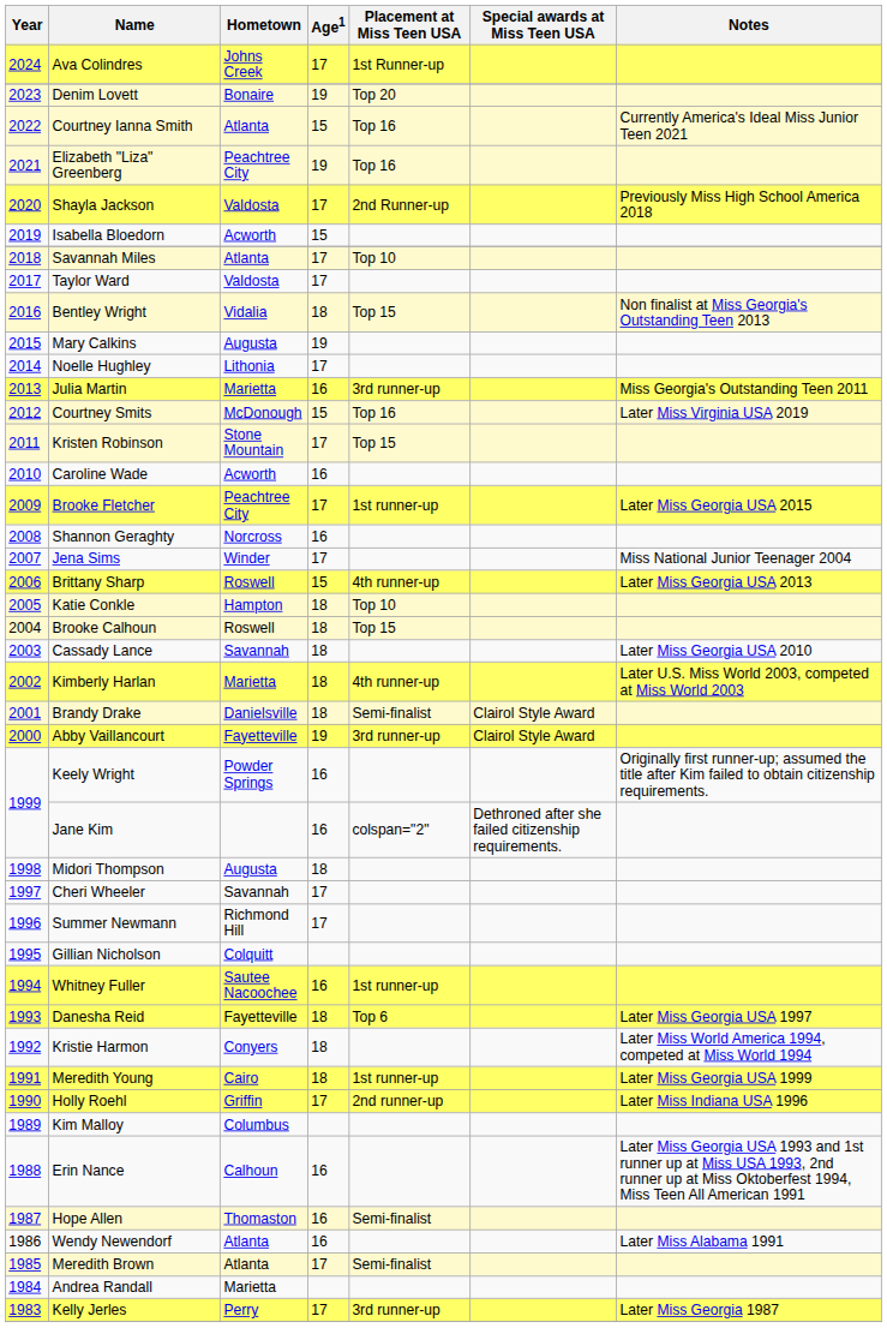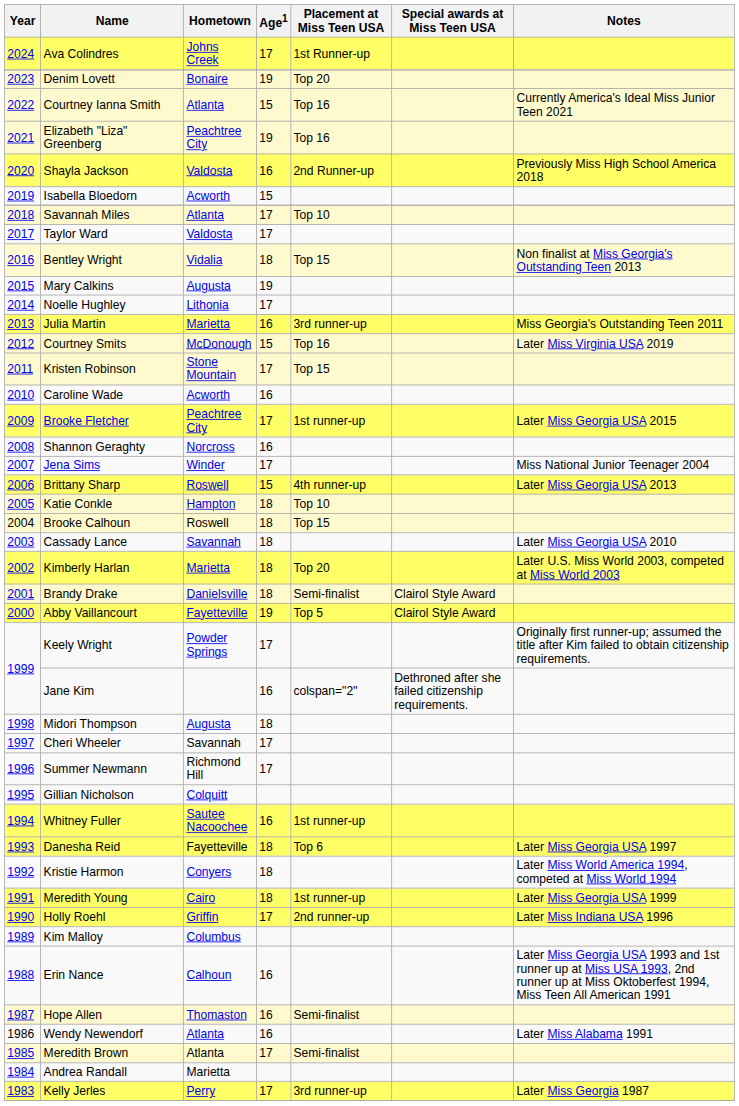 <table class="wikitable"style="font-size:90%;">
 <tr bgcolor="#efefef">
 <th width=5%>Year</th>
 <th width=20%>Name</th>
 <th width=10%>Hometown</th>
 <th width=3%>Age<sup>1</sup></th>
 <th width=14%>Placement at Miss Teen USA</th>
 <th width=17%>Special awards at Miss Teen  USA</th>
 <th width=31%>Notes</th>
 </tr>
 <tr style="background-color:#FFFF66;">
 <td><a href='#'>2024</a></td>
 <td>Ava Colindres</td>
 <td><a href='#'> Johns Creek</a></td>
 <td>17</td>
 <td>1st Runner-up</td>
 <td></td>
 <td></td>
 </tr>
 <tr>
 </tr>
 <tr style="background-color:#FFFACD;”">
 <td><a href='#'>2023</a></td>
 <td>Denim Lovett</td>
 <td><a href='#'>Bonaire</a></td>
 <td>19</td>
 <td>Top 20</td>
 <td></td>
 <td></td>
 </tr>
 <tr style="background-color:#FFFACD;”">
 <td><a href='#'>2022</a></td>
 <td>Courtney Ianna Smith</td>
 <td><a href='#'>Atlanta</a></td>
 <td>15</td>
 <td>Top 16</td>
 <td></td>
 <td>Currently America's Ideal Miss Junior Teen 2021</td>
 </tr>
 <tr style="background-color:#FFFACD">
 <td><a href='#'>2021</a></td>
 <td>Elizabeth "Liza" Greenberg</td>
 <td><a href='#'>Peachtree City</a></td>
 <td>19</td>
 <td>Top 16</td>
 <td></td>
 <td></td>
 </tr>
 <tr style="background-color:#FFFF66;">
 <td><a href='#'>2020</a></td>
 <td>Shayla Jackson</td>
 <td><a href='#'>Valdosta</a></td>
-<td>17</td>
+<td>16</td>
 <td>2nd Runner-up</td>
 <td></td>
 <td>Previously Miss High School America 2018</td>
 </tr>
 <tr>
 <td><a href='#'>2019</a></td>
 <td>Isabella Bloedorn</td>
 <td><a href='#'>Acworth</a></td>
 <td>15</td>
 <td></td>
 <td></td>
 <td></td>
 </tr>
 <tr>
 </tr>
 <tr style="background-color:#FFFACD;”">
 <td><a href='#'>2018</a></td>
 <td>Savannah Miles</td>
 <td><a href='#'>Atlanta</a></td>
 <td>17</td>
 <td>Top 10</td>
 <td></td>
 <td></td>
 </tr>
 <tr>
 <td><a href='#'>2017</a></td>
 <td>Taylor Ward</td>
 <td><a href='#'>Valdosta</a></td>
 <td>17</td>
 <td></td>
 <td></td>
 <td></td>
 </tr>
 <tr style="background-color:#FFFACD;">
 <td><a href='#'>2016</a></td>
 <td>Bentley Wright</td>
 <td><a href='#'>Vidalia</a></td>
 <td>18</td>
 <td>Top 15</td>
 <td></td>
 <td>Non finalist at <a href='#'>Miss Georgia's Outstanding Teen</a> 2013</td>
 </tr>
 <tr>
 <td><a href='#'>2015</a></td>
 <td>Mary Calkins</td>
 <td><a href='#'>Augusta</a></td>
 <td>19</td>
 <td></td>
 <td></td>
 <td></td>
 </tr>
 <tr>
 <td><a href='#'>2014</a></td>
 <td>Noelle Hughley</td>
 <td><a href='#'>Lithonia</a></td>
 <td>17</td>
 <td></td>
 <td></td>
 <td></td>
 </tr>
 <tr style="background-color:#FFFF66;">
 <td><a href='#'>2013</a></td>
 <td>Julia Martin</td>
 <td><a href='#'>Marietta</a></td>
 <td>16</td>
 <td>3rd runner-up</td>
 <td></td>
 <td>Miss Georgia's Outstanding Teen 2011</td>
 </tr>
 <tr style="background-color:#FFFACD;">
 <td><a href='#'>2012</a></td>
 <td>Courtney Smits</td>
 <td><a href='#'>McDonough</a></td>
 <td>15</td>
 <td>Top 16</td>
 <td></td>
 <td>Later <a href='#'>Miss Virginia USA</a> 2019</td>
 </tr>
 <tr style="background-color:#FFFACD;">
 <td><a href='#'>2011</a></td>
 <td>Kristen Robinson</td>
 <td><a href='#'>Stone Mountain</a></td>
 <td>17</td>
 <td>Top 15</td>
 <td></td>
 <td></td>
 </tr>
 <tr>
 <td><a href='#'>2010</a></td>
 <td>Caroline Wade</td>
 <td><a href='#'>Acworth</a></td>
 <td>16</td>
 <td></td>
 <td></td>
 <td></td>
 </tr>
 <tr style="background-color:#FFFF66;">
 <td><a href='#'>2009</a></td>
 <td><a href='#'>Brooke Fletcher</a></td>
 <td><a href='#'>Peachtree City</a></td>
 <td>17</td>
 <td>1st runner-up</td>
 <td></td>
 <td>Later <a href='#'>Miss Georgia USA</a> 2015</td>
 </tr>
 <tr>
 <td><a href='#'>2008</a></td>
 <td>Shannon Geraghty</td>
 <td><a href='#'>Norcross</a></td>
 <td>16</td>
 <td></td>
 <td></td>
 <td></td>
 </tr>
 <tr>
 <td><a href='#'>2007</a></td>
 <td><a href='#'>Jena Sims</a></td>
 <td><a href='#'>Winder</a></td>
 <td>17</td>
 <td></td>
 <td></td>
 <td>Miss National Junior Teenager 2004</td>
 </tr>
 <tr style="background-color:#FFFF66;">
 <td><a href='#'>2006</a></td>
 <td>Brittany Sharp</td>
 <td><a href='#'>Roswell</a></td>
 <td>15</td>
 <td>4th runner-up</td>
 <td></td>
 <td>Later <a href='#'>Miss Georgia USA</a> 2013</td>
 </tr>
 <tr style="background-color:#FFFACD;">
 <td><a href='#'>2005</a></td>
 <td>Katie Conkle</td>
 <td><a href='#'>Hampton</a></td>
 <td>18</td>
 <td>Top 10</td>
 <td></td>
 <td></td>
 </tr>
 <tr style="background-color:#FFFACD;">
 <td>2004</td>
 <td>Brooke Calhoun</td>
 <td>Roswell</td>
 <td>18</td>
 <td>Top 15</td>
 <td></td>
 <td></td>
 </tr>
 <tr>
 <td><a href='#'>2003</a></td>
 <td>Cassady Lance</td>
 <td><a href='#'>Savannah</a></td>
 <td>18</td>
 <td></td>
 <td></td>
 <td>Later <a href='#'>Miss Georgia USA</a> 2010</td>
 </tr>
 <tr style="background-color:#FFFF66;">
 <td><a href='#'>2002</a></td>
 <td>Kimberly Harlan</td>
 <td><a href='#'>Marietta</a></td>
 <td>18</td>
-<td>4th runner-up</td>
+<td>Top 20</td>
 <td></td>
 <td>Later U.S. Miss World 2003, competed at <a href='#'>Miss World 2003</a></td>
 </tr>
 <tr style="background-color:#FFFACD;">
 <td><a href='#'>2001</a></td>
 <td>Brandy Drake</td>
 <td><a href='#'>Danielsville</a></td>
 <td>18</td>
 <td>Semi-finalist</td>
 <td>Clairol Style Award</td>
 <td></td>
 </tr>
 <tr style="background-color:#FFFF66;">
 <td><a href='#'>2000</a></td>
 <td>Abby Vaillancourt</td>
 <td><a href='#'>Fayetteville</a></td>
 <td>19</td>
-<td>3rd runner-up</td>
+<td>Top 5</td>
 <td>Clairol Style Award</td>
 <td></td>
 </tr>
 <tr>
 <td rowspan=2><a href='#'>1999</a></td>
 <td>Keely Wright</td>
 <td><a href='#'>Powder Springs</a></td>
-<td>16</td>
+<td>17</td>
 <td></td>
 <td></td>
 <td>Originally first runner-up; assumed the title after Kim failed to obtain citizenship requirements.</td>
 </tr>
 <tr>
 <td>Jane Kim</td>
 <td></td>
 <td>16</td>
 <td>colspan="2" </td>
 <td>Dethroned after she failed citizenship requirements.</td>
 </tr>
 <tr>
 <td><a href='#'>1998</a></td>
 <td>Midori Thompson</td>
 <td><a href='#'>Augusta</a></td>
 <td>18</td>
 <td></td>
 <td></td>
 <td></td>
 </tr>
 <tr>
 <td><a href='#'>1997</a></td>
 <td>Cheri Wheeler</td>
 <td>Savannah</td>
 <td>17</td>
 <td></td>
 <td></td>
 <td></td>
 </tr>
 <tr>
 <td><a href='#'>1996</a></td>
 <td>Summer Newmann</td>
 <td>Richmond Hill</td>
 <td>17</td>
 <td></td>
 <td></td>
 <td></td>
 </tr>
 <tr>
 <td><a href='#'>1995</a></td>
 <td>Gillian Nicholson</td>
 <td><a href='#'>Colquitt</a></td>
 <td></td>
 <td></td>
 <td></td>
 <td></td>
 </tr>
 <tr style="background-color:#FFFF66;">
 <td><a href='#'>1994</a></td>
 <td>Whitney Fuller</td>
 <td><a href='#'>Sautee Nacoochee</a></td>
 <td>16</td>
 <td>1st runner-up</td>
 <td></td>
 <td></td>
 </tr>
 <tr style="background-color:#FFFF66;">
 <td><a href='#'>1993</a></td>
 <td>Danesha Reid</td>
 <td>Fayetteville</td>
 <td>18</td>
 <td>Top 6</td>
 <td></td>
 <td>Later <a href='#'>Miss Georgia USA</a> 1997</td>
 </tr>
 <tr>
 <td><a href='#'>1992</a></td>
 <td>Kristie Harmon</td>
 <td><a href='#'>Conyers</a></td>
 <td>18</td>
 <td></td>
 <td></td>
 <td>Later <a href='#'>Miss World America 1994</a>, competed at <a href='#'>Miss World 1994</a></td>
 </tr>
 <tr style="background-color:#FFFF66;">
 <td><a href='#'>1991</a></td>
 <td>Meredith Young</td>
 <td><a href='#'>Cairo</a></td>
 <td>18</td>
 <td>1st runner-up</td>
 <td></td>
 <td>Later <a href='#'>Miss Georgia USA</a> 1999</td>
 </tr>
 <tr style="background-color:#FFFF66;">
 <td><a href='#'>1990</a></td>
 <td>Holly Roehl</td>
 <td><a href='#'>Griffin</a></td>
 <td>17</td>
 <td>2nd runner-up</td>
 <td></td>
 <td>Later <a href='#'>Miss Indiana USA</a> 1996</td>
 </tr>
 <tr>
 <td><a href='#'>1989</a></td>
 <td>Kim Malloy</td>
 <td><a href='#'>Columbus</a></td>
 <td></td>
 <td></td>
 <td></td>
 <td></td>
 </tr>
 <tr>
 <td><a href='#'>1988</a></td>
 <td>Erin Nance</td>
 <td><a href='#'>Calhoun</a></td>
 <td>16</td>
 <td></td>
 <td></td>
 <td>Later <a href='#'>Miss Georgia USA</a> 1993 and 1st runner up at <a href='#'>Miss USA 1993</a>, 2nd runner up at Miss Oktoberfest 1994, Miss Teen All American 1991</td>
 </tr>
 <tr style="background-color:#FFFACD;">
 <td><a href='#'>1987</a></td>
 <td>Hope Allen</td>
 <td><a href='#'>Thomaston</a></td>
 <td>16</td>
 <td>Semi-finalist</td>
 <td></td>
 <td></td>
 </tr>
 <tr>
 <td>1986</td>
 <td>Wendy Newendorf</td>
 <td><a href='#'>Atlanta</a></td>
 <td>16</td>
 <td></td>
 <td></td>
 <td>Later <a href='#'>Miss Alabama</a> 1991</td>
 </tr>
 <tr style="background-color:#FFFACD;">
 <td><a href='#'>1985</a></td>
 <td>Meredith Brown</td>
 <td>Atlanta</td>
 <td>17</td>
 <td>Semi-finalist</td>
 <td></td>
 <td></td>
 </tr>
 <tr>
 <td><a href='#'>1984</a></td>
 <td>Andrea Randall</td>
 <td>Marietta</td>
 <td></td>
 <td></td>
 <td></td>
 <td></td>
 </tr>
 <tr style="background-color:#FFFF66;">
 <td><a href='#'>1983</a></td>
 <td>Kelly Jerles</td>
 <td><a href='#'>Perry</a></td>
 <td>17</td>
 <td>3rd runner-up</td>
 <td></td>
 <td>Later <a href='#'>Miss Georgia</a> 1987</td>
 </tr>
 <tr>
 </tr>
 </table>
